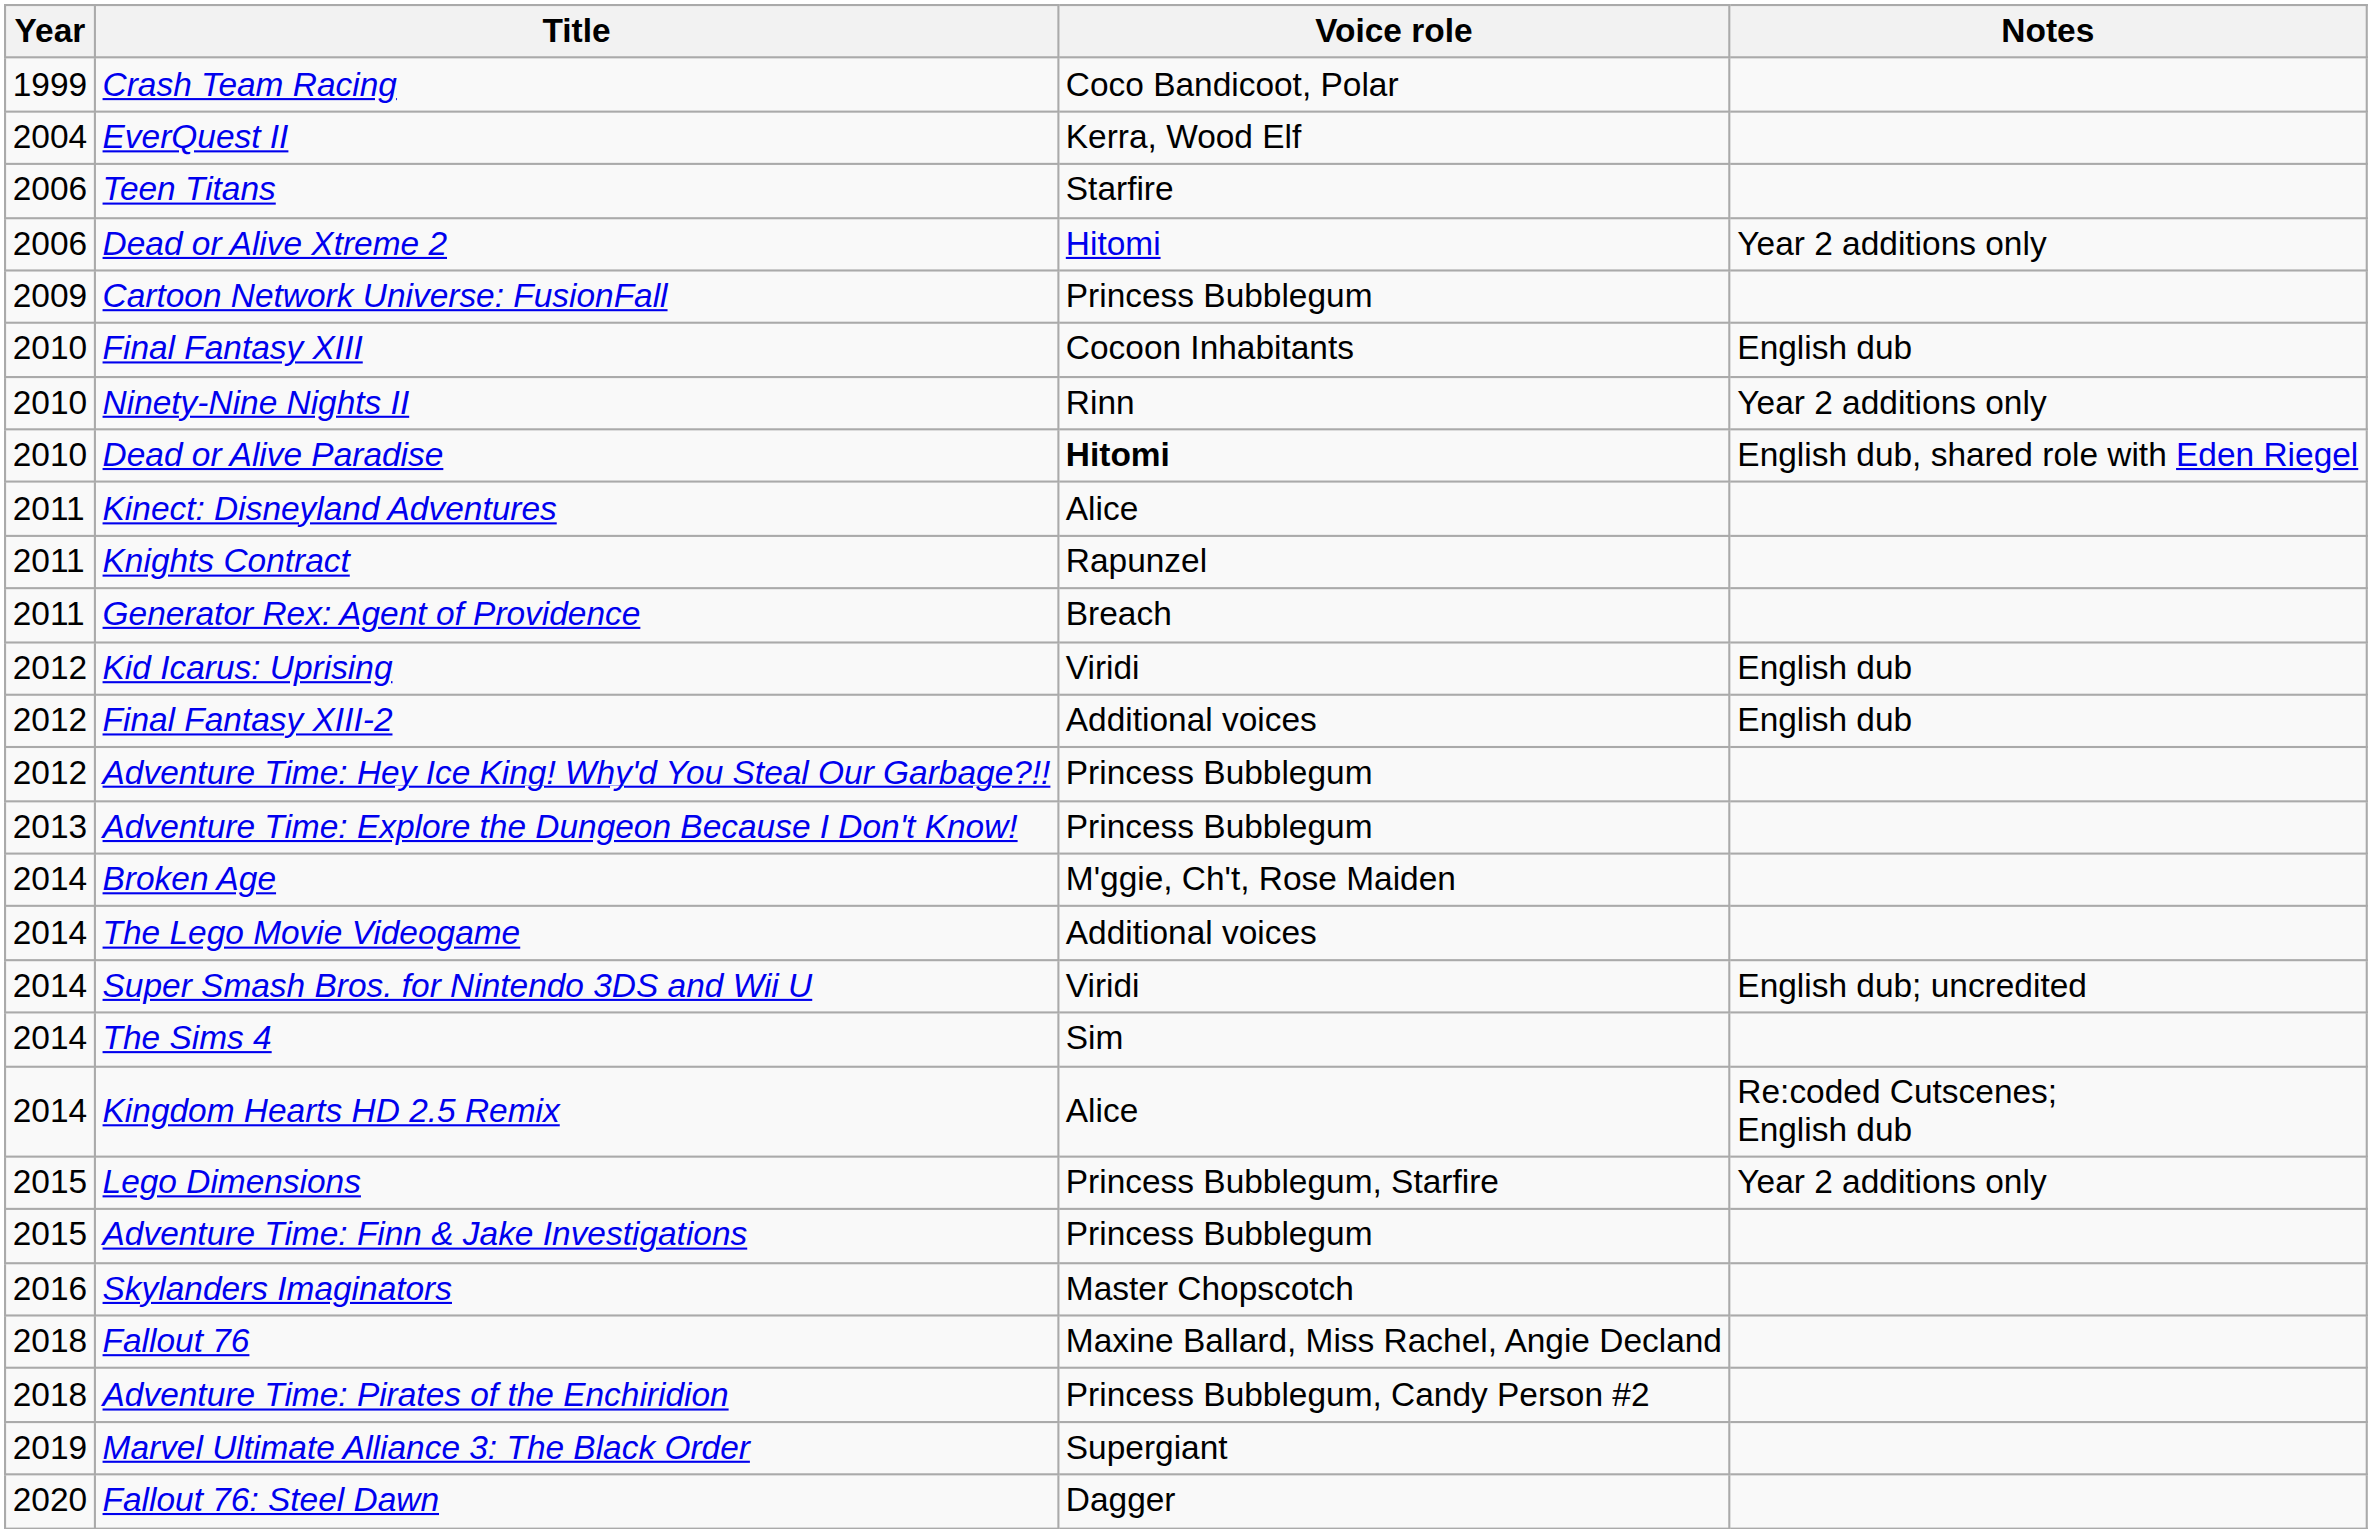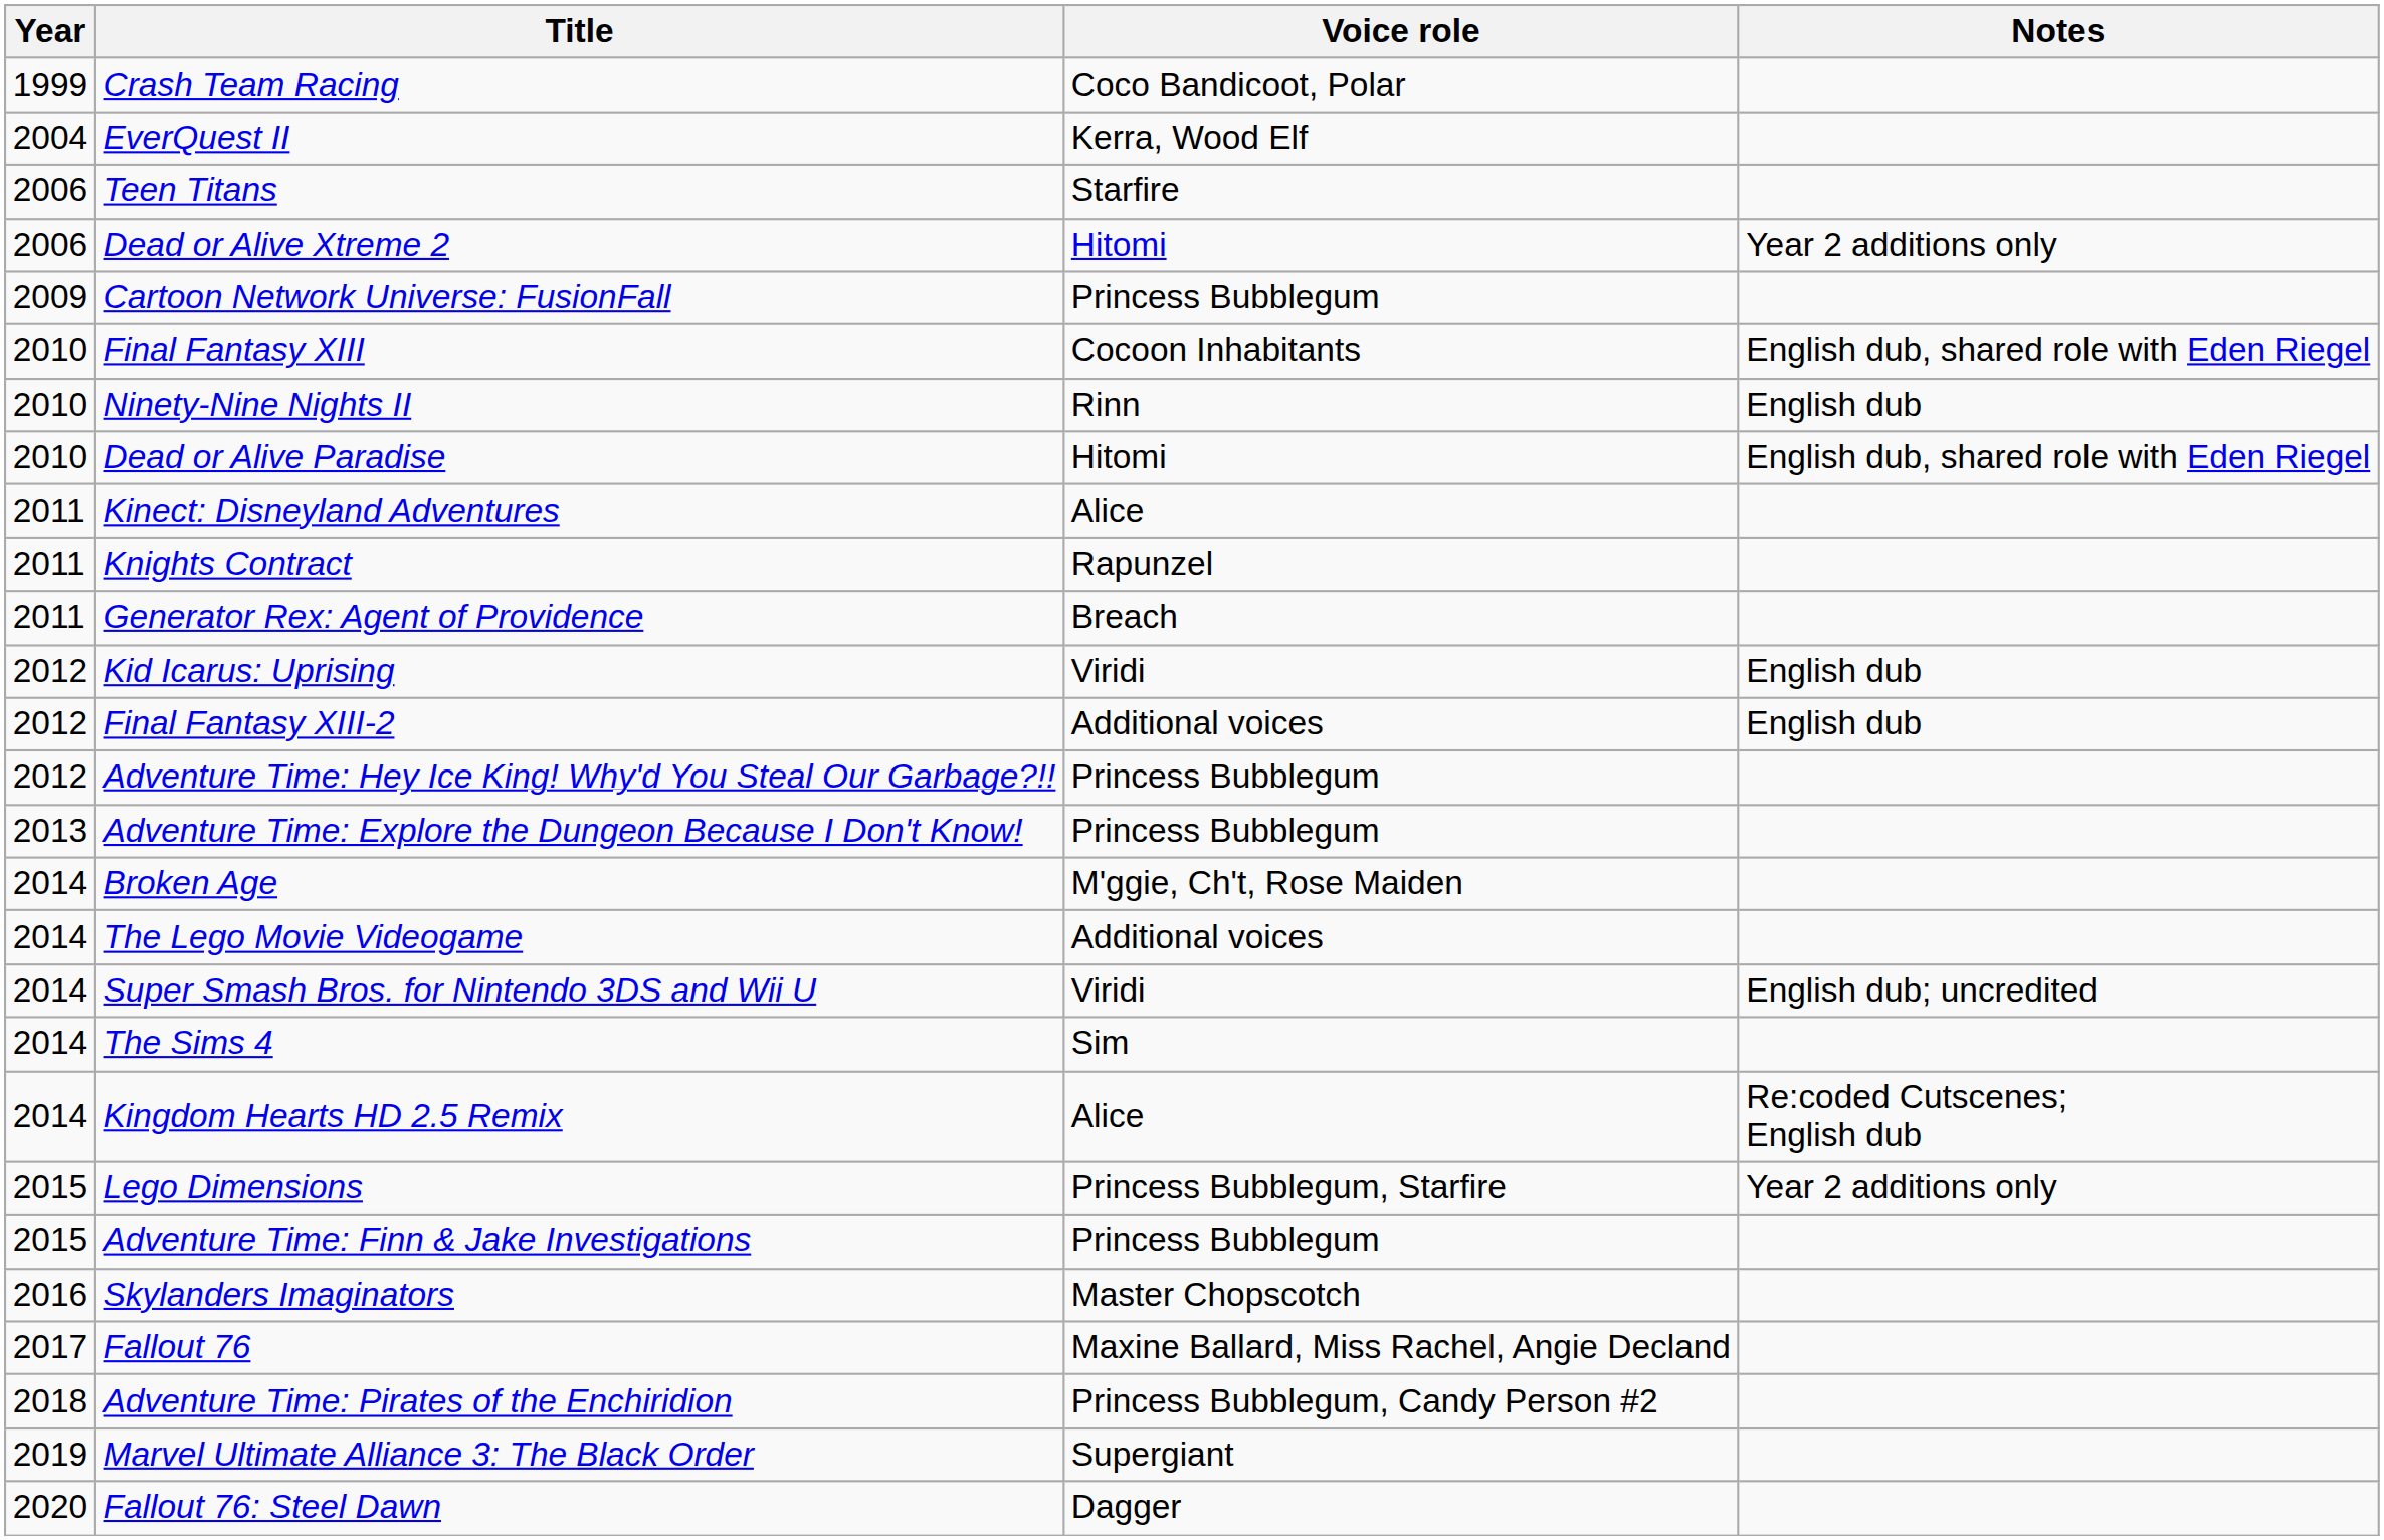 <table class="wikitable sortable" style="front-size:100%">
 <tr>
 <th>Year</th>
 <th>Title</th>
 <th>Voice role</th>
 <th>Notes</th>
 </tr>
 <tr>
 <td>1999</td>
 <td><em><a href='#'>Crash Team Racing</a></em></td>
 <td>Coco Bandicoot, Polar</td>
 <td></td>
 </tr>
 <tr>
 <td>2004</td>
 <td><em><a href='#'>EverQuest II</a></em></td>
 <td>Kerra, Wood Elf</td>
 <td></td>
 </tr>
 <tr>
 <td>2006</td>
 <td><em><a href='#'>Teen Titans</a></em></td>
 <td>Starfire</td>
 <td></td>
 </tr>
 <tr>
 <td>2006</td>
 <td><em><a href='#'>Dead or Alive Xtreme 2</a></em></td>
 <td><a href='#'>Hitomi</a></td>
 <td>Year 2 additions only</td>
 </tr>
 <tr>
 <td>2009</td>
 <td><em><a href='#'>Cartoon Network Universe: FusionFall</a></em></td>
 <td>Princess Bubblegum</td>
 <td></td>
 </tr>
 <tr>
 <td>2010</td>
 <td><em><a href='#'>Final Fantasy XIII</a></em></td>
 <td>Cocoon Inhabitants</td>
-<td>English dub</td>
+<td>English dub, shared role with <a href='#'>Eden Riegel</a></td>
 </tr>
 <tr>
 <td>2010</td>
 <td><em><a href='#'>Ninety-Nine Nights II</a></em></td>
 <td>Rinn</td>
-<td>Year 2 additions only</td>
+<td>English dub</td>
 </tr>
 <tr>
 <td>2010</td>
 <td><em><a href='#'>Dead or Alive Paradise</a></em></td>
-<td><strong>Hitomi</strong></td>
+<td>Hitomi</td>
 <td>English dub, shared role with <a href='#'>Eden Riegel</a></td>
 </tr>
 <tr>
 <td>2011</td>
 <td><em><a href='#'>Kinect: Disneyland Adventures</a></em></td>
 <td>Alice</td>
 <td></td>
 </tr>
 <tr>
 <td>2011</td>
 <td><em><a href='#'>Knights Contract</a></em></td>
 <td>Rapunzel</td>
 <td></td>
 </tr>
 <tr>
 <td>2011</td>
 <td><em><a href='#'>Generator Rex: Agent of Providence</a></em></td>
 <td>Breach</td>
 <td></td>
 </tr>
 <tr>
 <td>2012</td>
 <td><em><a href='#'>Kid Icarus: Uprising</a></em></td>
 <td>Viridi</td>
 <td>English dub</td>
 </tr>
 <tr>
 <td>2012</td>
 <td><em><a href='#'>Final Fantasy XIII-2</a></em></td>
 <td>Additional voices</td>
 <td>English dub</td>
 </tr>
 <tr>
 <td>2012</td>
 <td><em><a href='#'>Adventure Time: Hey Ice King! Why'd You Steal Our Garbage?!!</a></em></td>
 <td>Princess Bubblegum</td>
 <td></td>
 </tr>
 <tr>
 <td>2013</td>
 <td><em><a href='#'>Adventure Time: Explore the Dungeon Because I Don't Know!</a></em></td>
 <td>Princess Bubblegum</td>
 <td></td>
 </tr>
 <tr>
 <td>2014</td>
 <td><em><a href='#'>Broken Age</a></em></td>
 <td>M'ggie, Ch't, Rose Maiden</td>
 <td></td>
 </tr>
 <tr>
 <td>2014</td>
 <td><em><a href='#'>The Lego Movie Videogame</a></em></td>
 <td>Additional voices</td>
 <td></td>
 </tr>
 <tr>
 <td>2014</td>
 <td><em><a href='#'>Super Smash Bros. for Nintendo 3DS and Wii U</a></em></td>
 <td>Viridi</td>
 <td>English dub; uncredited</td>
 </tr>
 <tr>
 <td>2014</td>
 <td><em><a href='#'>The Sims 4</a></em></td>
 <td>Sim</td>
 <td></td>
 </tr>
 <tr>
 <td>2014</td>
 <td><em><a href='#'>Kingdom Hearts HD 2.5 Remix</a></em></td>
 <td>Alice</td>
 <td>Re:coded Cutscenes; <br>English dub</td>
 </tr>
 <tr>
 <td>2015</td>
 <td><em><a href='#'>Lego Dimensions</a></em></td>
 <td>Princess Bubblegum, Starfire</td>
 <td>Year 2 additions only</td>
 </tr>
 <tr>
 <td>2015</td>
 <td><em><a href='#'>Adventure Time: Finn & Jake Investigations</a></em></td>
 <td>Princess Bubblegum</td>
 <td></td>
 </tr>
 <tr>
 <td>2016</td>
 <td><em><a href='#'>Skylanders Imaginators</a></em></td>
 <td>Master Chopscotch</td>
 <td></td>
 </tr>
 <tr>
-<td>2018</td>
+<td>2017</td>
 <td><em><a href='#'>Fallout 76</a></em></td>
 <td>Maxine Ballard, Miss Rachel, Angie Decland</td>
 <td></td>
 </tr>
 <tr>
 <td>2018</td>
 <td><em><a href='#'>Adventure Time: Pirates of the Enchiridion</a></em></td>
 <td>Princess Bubblegum, Candy Person #2</td>
 <td></td>
 </tr>
 <tr>
 <td>2019</td>
 <td><em><a href='#'>Marvel Ultimate Alliance 3: The Black Order</a></em></td>
 <td>Supergiant</td>
 <td></td>
 </tr>
 <tr>
 <td>2020</td>
 <td><em><a href='#'>Fallout 76: Steel Dawn</a></em></td>
 <td>Dagger</td>
 <td></td>
 </tr>
 </table>
